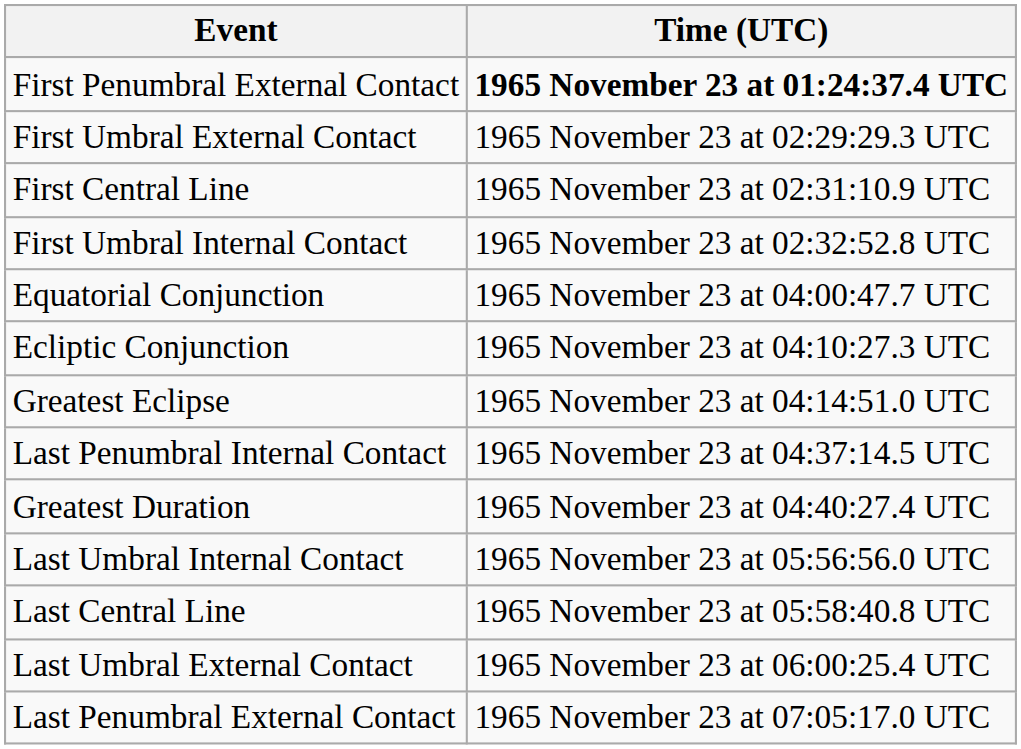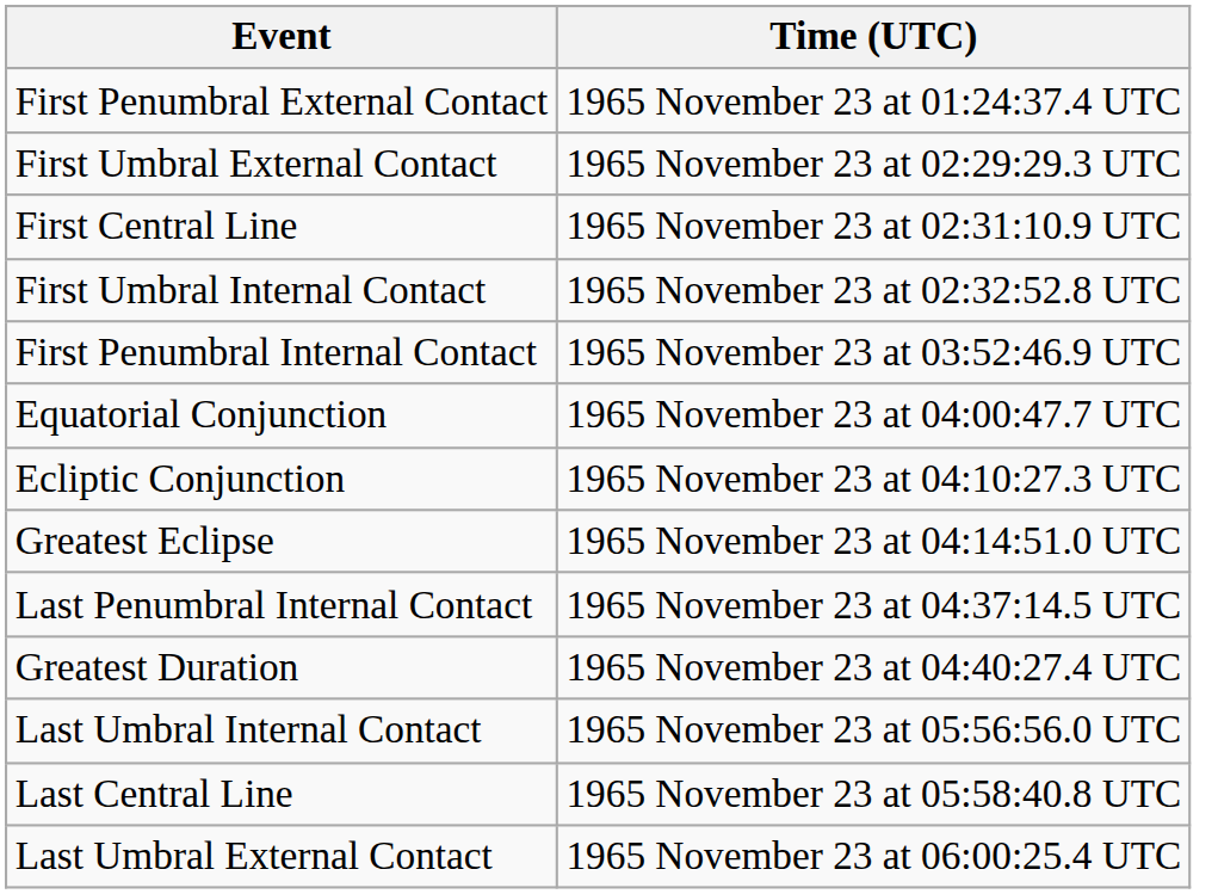 <table class="wikitable">
 <tr>
 <th>Event</th>
 <th>Time (UTC)</th>
 </tr>
 <tr>
 <td>First Penumbral External Contact</td>
-<td><strong>1965 November 23 at 01:24:37.4 UTC</strong></td>
+<td>1965 November 23 at 01:24:37.4 UTC</td>
 </tr>
 <tr>
 <td>First Umbral External Contact</td>
 <td>1965 November 23 at 02:29:29.3 UTC</td>
 </tr>
 <tr>
 <td>First Central Line</td>
 <td>1965 November 23 at 02:31:10.9 UTC</td>
 </tr>
 <tr>
 <td>First Umbral Internal Contact</td>
 <td>1965 November 23 at 02:32:52.8 UTC</td>
+</tr>
+<tr>
+<td>First Penumbral Internal Contact</td>
+<td>1965 November 23 at 03:52:46.9 UTC</td>
 </tr>
 <tr>
 <td>Equatorial Conjunction</td>
 <td>1965 November 23 at 04:00:47.7 UTC</td>
 </tr>
 <tr>
 <td>Ecliptic Conjunction</td>
 <td>1965 November 23 at 04:10:27.3 UTC</td>
 </tr>
 <tr>
 <td>Greatest Eclipse</td>
 <td>1965 November 23 at 04:14:51.0 UTC</td>
 </tr>
 <tr>
 <td>Last Penumbral Internal Contact</td>
 <td>1965 November 23 at 04:37:14.5 UTC</td>
 </tr>
 <tr>
 <td>Greatest Duration</td>
 <td>1965 November 23 at 04:40:27.4 UTC</td>
 </tr>
 <tr>
 <td>Last Umbral Internal Contact</td>
 <td>1965 November 23 at 05:56:56.0 UTC</td>
 </tr>
 <tr>
 <td>Last Central Line</td>
 <td>1965 November 23 at 05:58:40.8 UTC</td>
 </tr>
 <tr>
 <td>Last Umbral External Contact</td>
 <td>1965 November 23 at 06:00:25.4 UTC</td>
 </tr>
-<tr>
-<td>Last Penumbral External Contact</td>
-<td>1965 November 23 at 07:05:17.0 UTC</td>
-</tr>
 </table>
